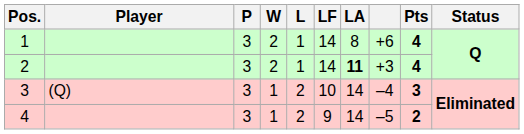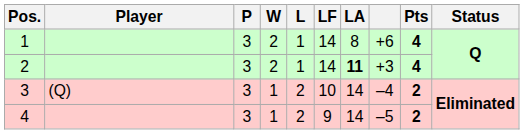 <table class="wikitable" style="text-align:center; margin: 1em auto 1em auto, align:left">
 <tr>
 <th width=20>Pos.</th>
 <th width=185>Player</th>
 <th width=20>P</th>
 <th width=20>W</th>
 <th width=20>L</th>
 <th width=20>LF</th>
 <th width=20>LA</th>
 <th width=25></th>
 <th width=20>Pts</th>
 <th width=70>Status</th>
 </tr>
 <tr style="background:#CCFFCC;">
 <td>1</td>
 <td style="text-align:left"></td>
 <td>3</td>
 <td>2</td>
 <td>1</td>
 <td>14</td>
 <td>8</td>
 <td>+6</td>
 <td><strong>4</strong></td>
 <td rowspan=2><strong>Q</strong></td>
 </tr>
 <tr style="background:#CCFFCC;">
 <td>2</td>
 <td style="text-align:left"></td>
 <td>3</td>
 <td>2</td>
 <td>1</td>
 <td>14</td>
 <td><strong>11</strong></td>
 <td>+3</td>
 <td><strong>4</strong></td>
 </tr>
 <tr style="background:#FFCCCC;">
 <td>3</td>
 <td style="text-align:left"> (Q)</td>
 <td>3</td>
 <td>1</td>
 <td>2</td>
 <td>10</td>
 <td>14</td>
 <td>–4</td>
-<td><strong>3</strong></td>
+<td><strong>2</strong></td>
 <td rowspan=2><strong>Eliminated</strong></td>
 </tr>
 <tr style="background:#FFCCCC;">
 <td>4</td>
 <td style="text-align:left"></td>
 <td>3</td>
 <td>1</td>
 <td>2</td>
 <td>9</td>
 <td>14</td>
 <td>–5</td>
 <td><strong>2</strong></td>
 </tr>
 </table>
